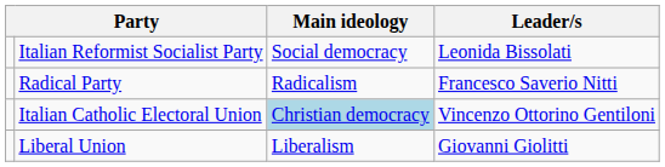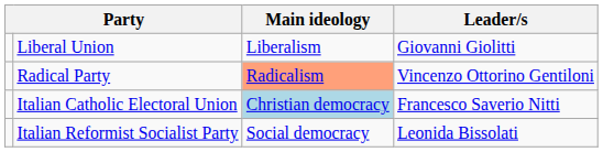 <table class="wikitable" style="font-size:95%">
 <tr>
 <th colspan=2>Party</th>
 <th>Main ideology</th>
 <th>Leader/s</th>
 </tr>
 <tr>
 <td></td>
-<td><a href='#'>Italian Reformist Socialist Party</a></td>
-<td><a href='#'>Social democracy</a></td>
-<td><a href='#'>Leonida Bissolati</a></td>
+<td><a href='#'>Liberal Union</a></td>
+<td><a href='#'>Liberalism</a></td>
+<td><a href='#'>Giovanni Giolitti</a></td>
 </tr>
 <tr>
 <td></td>
 <td><a href='#'>Radical Party</a></td>
-<td><a href='#'>Radicalism</a></td>
-<td><a href='#'>Francesco Saverio Nitti</a></td>
+<td style="background: lightsalmon;"><a href='#'>Radicalism</a></td>
+<td><a href='#'>Vincenzo Ottorino Gentiloni</a></td>
 </tr>
 <tr>
 <td></td>
 <td><a href='#'>Italian Catholic Electoral Union</a></td>
 <td style="background: lightblue;"><a href='#'>Christian democracy</a></td>
-<td><a href='#'>Vincenzo Ottorino Gentiloni</a></td>
+<td><a href='#'>Francesco Saverio Nitti</a></td>
 </tr>
 <tr>
 <td></td>
-<td><a href='#'>Liberal Union</a></td>
-<td><a href='#'>Liberalism</a></td>
-<td><a href='#'>Giovanni Giolitti</a></td>
+<td><a href='#'>Italian Reformist Socialist Party</a></td>
+<td><a href='#'>Social democracy</a></td>
+<td><a href='#'>Leonida Bissolati</a></td>
 </tr>
 </table>
